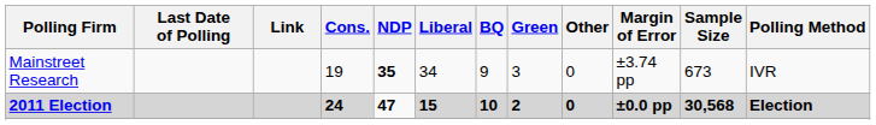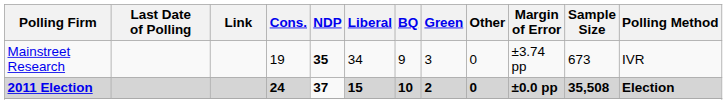 <table class="wikitable sortable">
 <tr style="background:#e9e9e9;">
 <th style="width:120px">Polling Firm</th>
 <th style="width:110px">Last Date<br>of Polling</th>
 <th style="width:60px" class="unsortable">Link</th>
 <th style="background-color:"><strong><a href='#'>Cons.</a></strong></th>
 <th style="background-color:"><strong><a href='#'>NDP</a></strong></th>
 <th style="background-color:"><strong><a href='#'>Liberal</a></strong></th>
 <th style="background-color:"><strong><a href='#'>BQ</a></strong></th>
 <th style="background-color:"><strong><a href='#'>Green</a></strong></th>
 <th style="background-color:"><strong>Other</strong></th>
 <th style="width:60px;" class=unsortable>Margin<br>of Error</th>
 <th style="width:50px;" class=unsortable>Sample<br>Size</th>
 <th class=unsortable>Polling Method</th>
 </tr>
 <tr>
 <td><a href='#'>Mainstreet Research</a></td>
 <td></td>
 <td></td>
 <td>19</td>
 <td><strong>35</strong></td>
 <td>34</td>
 <td>9</td>
 <td>3</td>
 <td>0</td>
 <td>±3.74 pp</td>
 <td>673</td>
 <td>IVR</td>
 </tr>
 <tr>
 <td style="background:#D5D5D5"><strong><a href='#'>2011 Election</a></strong></td>
 <td style="background:#D5D5D5"><strong></strong></td>
 <td style="background:#D5D5D5"></td>
 <td style="background:#D5D5D5"><strong>24</strong></td>
-<td><strong>47</strong></td>
+<td><strong>37</strong></td>
 <td style="background:#D5D5D5"><strong>15</strong></td>
 <td style="background:#D5D5D5"><strong>10</strong></td>
 <td style="background:#D5D5D5"><strong>2</strong></td>
 <td style="background:#D5D5D5"><strong>0</strong></td>
 <td style="background:#D5D5D5"><strong>±0.0 pp</strong></td>
-<td style="background:#D5D5D5"><strong>30,568</strong></td>
+<td style="background:#D5D5D5"><strong>35,508</strong></td>
 <td style="background:#D5D5D5"><strong>Election</strong></td>
 </tr>
 <tr>
 </tr>
 <tr>
 </tr>
 </table>
